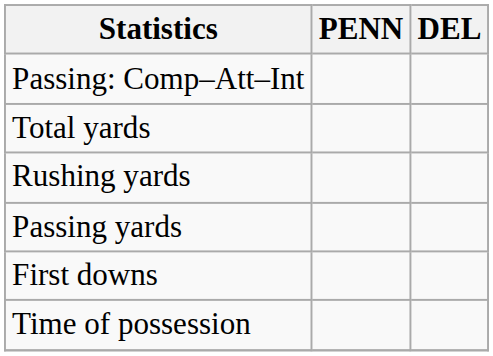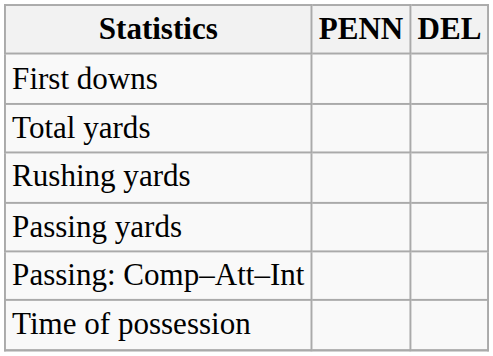 <table class="wikitable" style="float: left;">
 <tr>
 <th>Statistics</th>
 <th>PENN</th>
 <th>DEL</th>
 </tr>
 <tr>
-<td>Passing: Comp–Att–Int</td>
+<td>First downs</td>
 <td></td>
 <td></td>
 </tr>
 <tr>
 <td>Total yards</td>
 <td></td>
 <td></td>
 </tr>
 <tr>
 <td>Rushing yards</td>
 <td></td>
 <td></td>
 </tr>
 <tr>
 <td>Passing yards</td>
 <td></td>
 <td></td>
 </tr>
 <tr>
-<td>First downs</td>
+<td>Passing: Comp–Att–Int</td>
 <td></td>
 <td></td>
 </tr>
 <tr>
 <td>Time of possession</td>
 <td></td>
 <td></td>
 </tr>
 <tr>
 </tr>
 </table>
